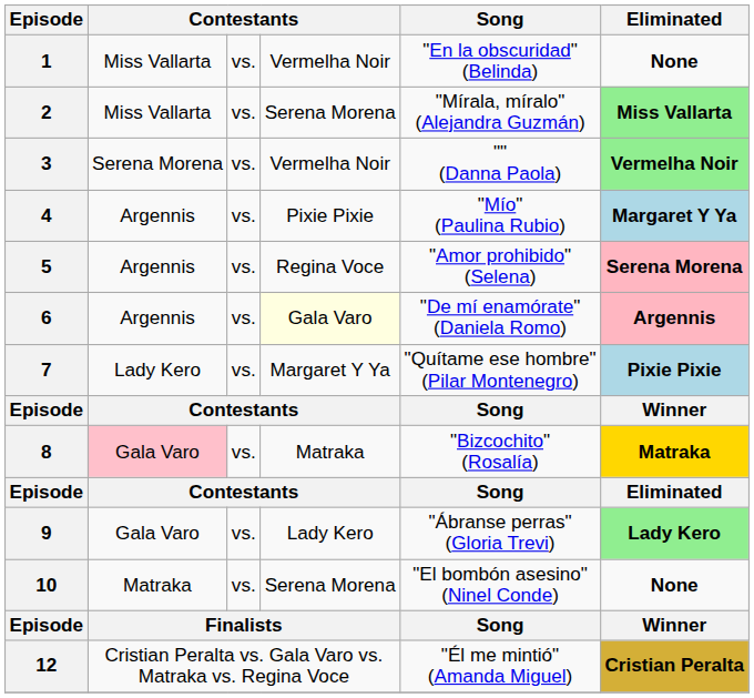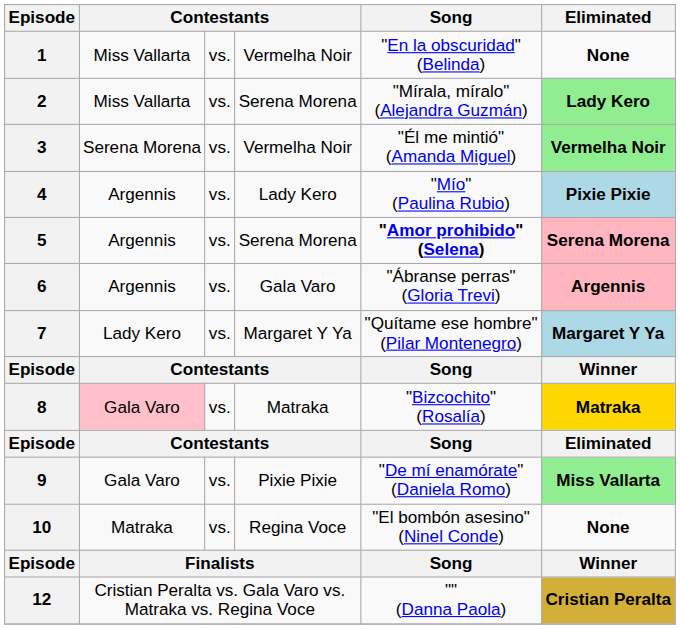 <table class="wikitable" style="text-align:center">
 <tr>
 <th scope="col">Episode</th>
 <th scope="col" colspan="3">Contestants</th>
 <th scope="col">Song</th>
 <th scope="col">Eliminated</th>
 </tr>
 <tr>
 <th scope="row">1</th>
 <td>Miss Vallarta</td>
 <td>vs.</td>
 <td>Vermelha Noir</td>
 <td>"<a href='#'>En la obscuridad</a>"<br>(<a href='#'>Belinda</a>)</td>
 <td><strong>None</strong></td>
 </tr>
 <tr>
 <th scope="row">2</th>
 <td>Miss Vallarta</td>
 <td>vs.</td>
 <td nowrap>Serena Morena</td>
 <td>"Mírala, míralo"<br>(<a href='#'>Alejandra Guzmán</a>)</td>
-<td bgcolor="lightgreen"><strong>Miss Vallarta</strong></td>
+<td bgcolor="lightgreen"><strong>Lady Kero</strong></td>
 </tr>
 <tr>
 <th scope="row">3</th>
 <td nowrap>Serena Morena</td>
 <td>vs.</td>
 <td>Vermelha Noir</td>
-<td>""<br>(<a href='#'>Danna Paola</a>)</td>
+<td>"Él me mintió"<br>(<a href='#'>Amanda Miguel</a>)</td>
 <td bgcolor="lightgreen"><strong>Vermelha Noir</strong></td>
 </tr>
 <tr>
 <th scope="row">4</th>
 <td>Argennis</td>
 <td>vs.</td>
-<td>Pixie Pixie</td>
+<td>Lady Kero</td>
 <td>"<a href='#'>Mío</a>"<br>(<a href='#'>Paulina Rubio</a>)</td>
-<td bgcolor="lightblue"><strong>Margaret Y Ya</strong></td>
+<td bgcolor="lightblue"><strong>Pixie Pixie</strong></td>
 </tr>
 <tr>
 <th scope="row">5</th>
 <td>Argennis</td>
 <td>vs.</td>
-<td>Regina Voce</td>
-<td>"<a href='#'>Amor prohibido</a>"<br>(<a href='#'>Selena</a>)</td>
+<td>Serena Morena</td>
+<td><strong>"<a href='#'>Amor prohibido</a>"<br>(<a href='#'>Selena</a>)</strong></td>
 <td bgcolor="lightpink"><strong>Serena Morena</strong></td>
 </tr>
 <tr>
 <th scope="row">6</th>
 <td>Argennis</td>
 <td>vs.</td>
-<td style="background: lightyellow;">Gala Varo</td>
-<td>"<a href='#'>De mí enamórate</a>"<br>(<a href='#'>Daniela Romo</a>)</td>
+<td>Gala Varo</td>
+<td>"Ábranse perras"<br>(<a href='#'>Gloria Trevi</a>)</td>
 <td nowrap bgcolor="lightpink"><strong>Argennis</strong></td>
 </tr>
 <tr>
 <th scope="row">7</th>
 <td>Lady Kero</td>
 <td>vs.</td>
 <td>Margaret Y Ya</td>
 <td nowrap>"Quítame ese hombre"<br>(<a href='#'>Pilar Montenegro</a>)</td>
-<td bgcolor="lightblue"><strong>Pixie Pixie</strong></td>
+<td bgcolor="lightblue"><strong>Margaret Y Ya</strong></td>
 </tr>
 <tr>
 <th scope="col">Episode</th>
 <th scope="col" colspan="3">Contestants</th>
 <th scope="col">Song</th>
 <th scope="col">Winner</th>
 </tr>
 <tr>
 <th scope="row">8</th>
 <td style="background: pink;">Gala Varo</td>
 <td>vs.</td>
 <td>Matraka</td>
 <td>"<a href='#'>Bizcochito</a>"<br>(<a href='#'>Rosalía</a>)</td>
 <td bgcolor="gold"><strong>Matraka</strong></td>
 </tr>
 <tr>
 <th scope="col">Episode</th>
 <th scope="col" colspan="3">Contestants</th>
 <th scope="col">Song</th>
 <th scope="col">Eliminated</th>
 </tr>
 <tr>
 <th scope="row">9</th>
 <td>Gala Varo</td>
 <td>vs.</td>
-<td>Lady Kero</td>
-<td>"Ábranse perras"<br>(<a href='#'>Gloria Trevi</a>)</td>
-<td bgcolor="lightgreen"><strong>Lady Kero</strong></td>
+<td>Pixie Pixie</td>
+<td>"<a href='#'>De mí enamórate</a>"<br>(<a href='#'>Daniela Romo</a>)</td>
+<td bgcolor="lightgreen"><strong>Miss Vallarta</strong></td>
 </tr>
 <tr>
 <th scope="row">10</th>
 <td>Matraka</td>
 <td>vs.</td>
-<td>Serena Morena</td>
+<td>Regina Voce</td>
 <td>"El bombón asesino"<br>(<a href='#'>Ninel Conde</a>)</td>
 <td><strong>None</strong></td>
 </tr>
 <tr>
 <th scope="col">Episode</th>
 <th scope="col" colspan="3">Finalists</th>
 <th scope="col">Song</th>
 <th scope="col">Winner</th>
 </tr>
 <tr>
 <th scope="row">12</th>
 <td colspan="3">Cristian Peralta vs. Gala Varo vs.<br>Matraka vs. Regina Voce</td>
-<td>"Él me mintió"<br>(<a href='#'>Amanda Miguel</a>)</td>
+<td>""<br>(<a href='#'>Danna Paola</a>)</td>
 <td bgcolor="#D4AF37" nowrap><strong>Cristian Peralta</strong></td>
 </tr>
 <tr>
 </tr>
 </table>
